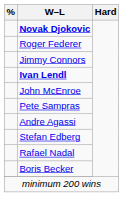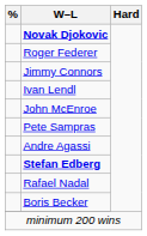 <table class="wikitable" style="display:inline-table; font-size: 96%;">
 <tr>
 <th>%</th>
 <th>W–L</th>
 <th>Hard</th>
 </tr>
 <tr>
 <td></td>
 <td><strong> <a href='#'>Novak Djokovic</a></strong></td>
 </tr>
 <tr>
 <td></td>
 <td> <a href='#'>Roger Federer</a></td>
 </tr>
 <tr>
 <td></td>
 <td> <a href='#'>Jimmy Connors</a></td>
 </tr>
 <tr>
 <td></td>
-<td><strong> <a href='#'>Ivan Lendl</a></strong></td>
+<td> <a href='#'>Ivan Lendl</a></td>
 </tr>
 <tr>
 <td></td>
 <td> <a href='#'>John McEnroe</a></td>
 </tr>
 <tr>
 <td></td>
 <td> <a href='#'>Pete Sampras</a></td>
 </tr>
 <tr>
 <td></td>
 <td> <a href='#'>Andre Agassi</a></td>
 </tr>
 <tr>
 <td></td>
-<td> <a href='#'>Stefan Edberg</a></td>
+<td><strong> <a href='#'>Stefan Edberg</a></strong></td>
 </tr>
 <tr>
 <td></td>
 <td> <a href='#'>Rafael Nadal</a></td>
 </tr>
 <tr>
 <td></td>
 <td> <a href='#'>Boris Becker</a></td>
 </tr>
 <tr>
 </tr>
 <tr>
 <td colspan="3" style="text-align: center;"><em>minimum 200 wins</em></td>
 </tr>
 </table>
